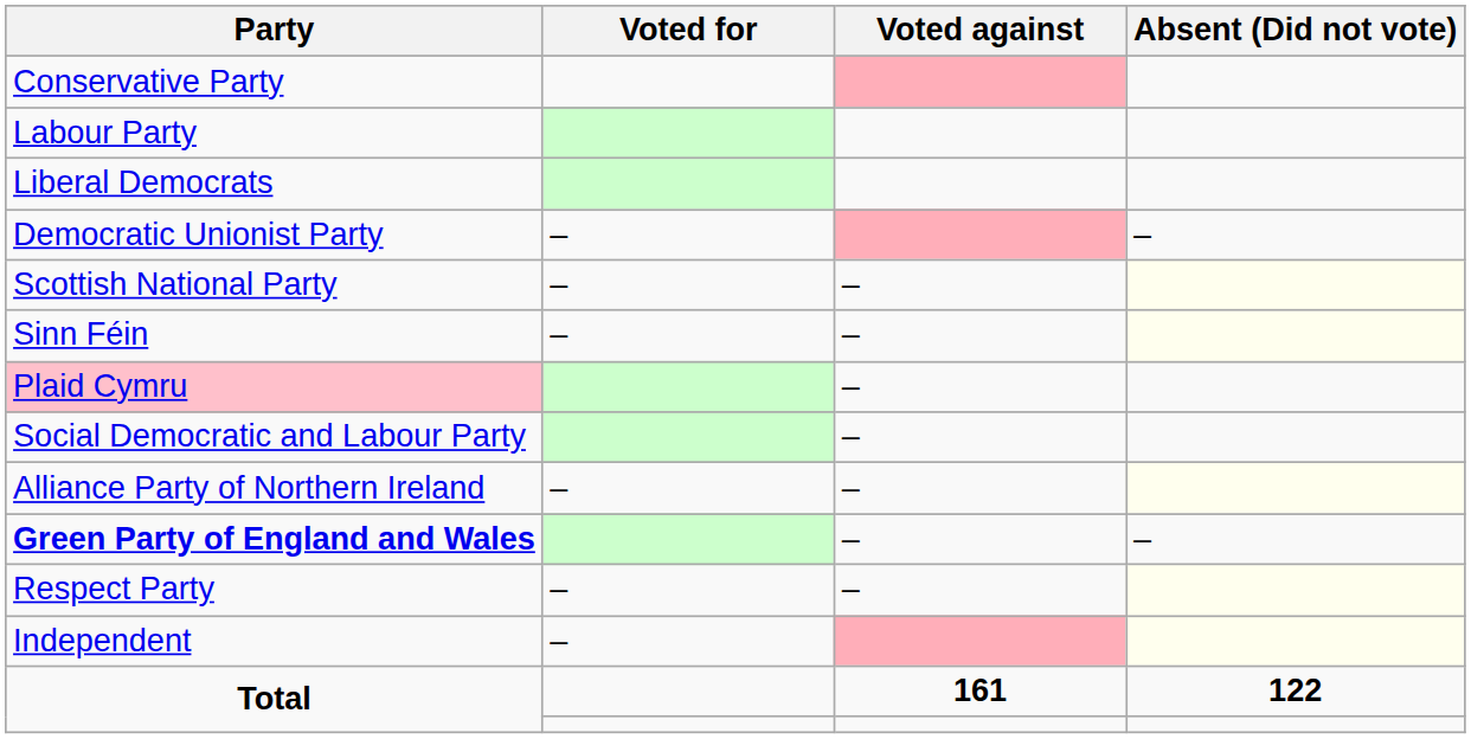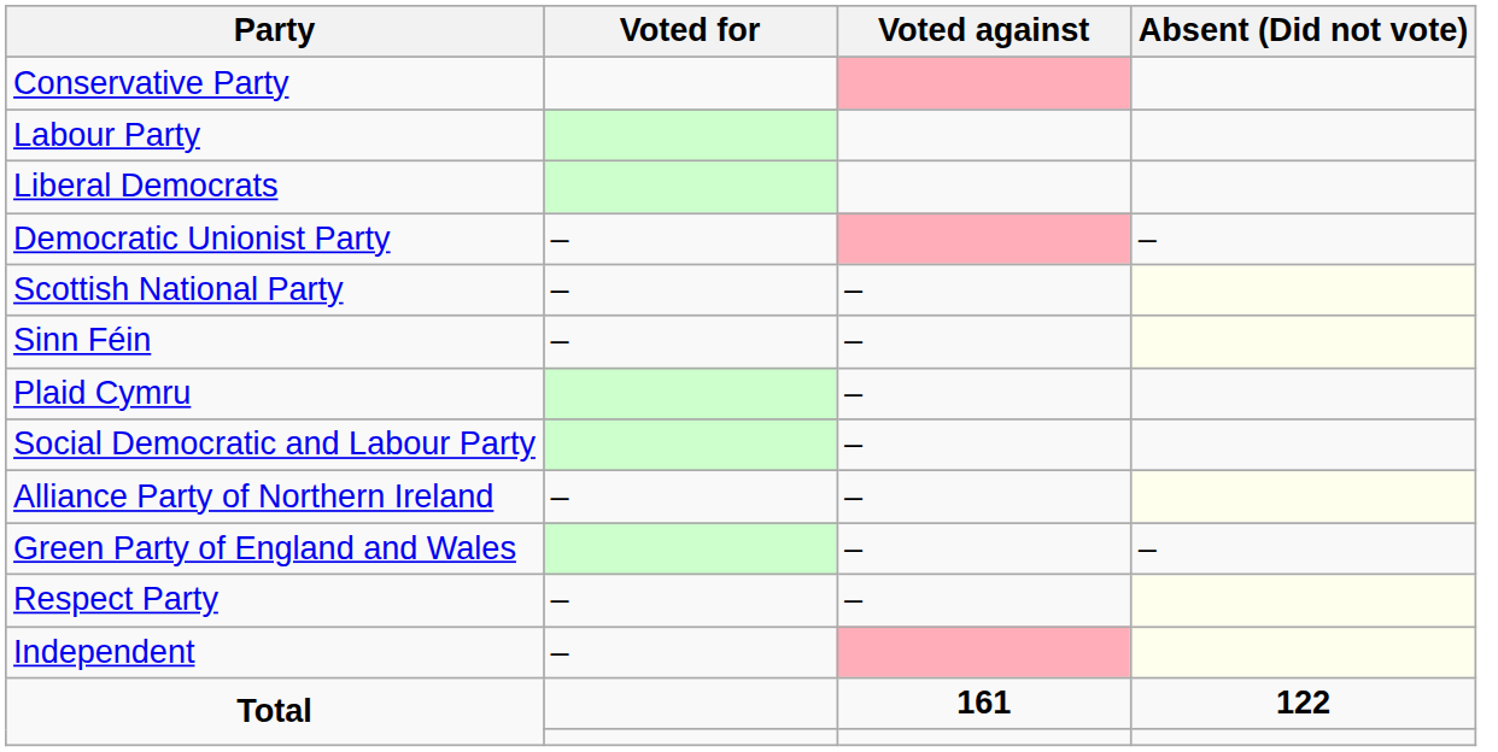 <table class="wikitable">
 <tr>
 <th>Party</th>
 <th style="width:20%;">Voted for</th>
 <th style="width:20%;">Voted against</th>
 <th>Absent (Did not vote)</th>
 </tr>
 <tr>
 <td> <a href='#'>Conservative Party</a></td>
 <td></td>
 <td style="background-color:#FFAEB9;"></td>
 <td></td>
 </tr>
 <tr>
 <td> <a href='#'>Labour Party</a></td>
 <td style="background-color:#CCFFCC;"></td>
 <td></td>
 <td></td>
 </tr>
 <tr>
 <td> <a href='#'>Liberal Democrats</a></td>
 <td style="background-color:#CCFFCC;"></td>
 <td></td>
 <td></td>
 </tr>
 <tr>
 <td> <a href='#'>Democratic Unionist Party</a></td>
 <td>–</td>
 <td style="background-color:#FFAEB9;"></td>
 <td>–</td>
 </tr>
 <tr>
 <td> <a href='#'>Scottish National Party</a></td>
 <td>–</td>
 <td>–</td>
 <td style="background-color:#FFE;"></td>
 </tr>
 <tr>
 <td> <a href='#'>Sinn Féin</a></td>
 <td>–</td>
 <td>–</td>
 <td style="background-color:#FFE;"></td>
 </tr>
 <tr>
-<td style="background: pink;"> <a href='#'>Plaid Cymru</a></td>
+<td> <a href='#'>Plaid Cymru</a></td>
 <td style="background-color:#CCFFCC;"></td>
 <td>–</td>
 <td></td>
 </tr>
 <tr>
 <td> <a href='#'>Social Democratic and Labour Party</a></td>
 <td style="background-color:#CCFFCC;"></td>
 <td>–</td>
 <td></td>
 </tr>
 <tr>
 <td> <a href='#'>Alliance Party of Northern Ireland</a></td>
 <td>–</td>
 <td>–</td>
 <td style="background-color:#FFE;"></td>
 </tr>
 <tr>
-<td><strong> <a href='#'>Green Party of England and Wales</a></strong></td>
+<td> <a href='#'>Green Party of England and Wales</a></td>
 <td style="background-color:#CCFFCC;"></td>
 <td>–</td>
 <td>–</td>
 </tr>
 <tr>
 <td> <a href='#'>Respect Party</a></td>
 <td>–</td>
 <td>–</td>
 <td style="background-color:#FFE;"></td>
 </tr>
 <tr>
 <td> <a href='#'>Independent</a></td>
 <td>–</td>
 <td style="background-color:#FFAEB9;"></td>
 <td style="background-color:#FFE;"></td>
 </tr>
 <tr>
 <td style="text-align:center;" rowspan="2"><strong>Total</strong></td>
 <td></td>
 <td style="text-align:center;"><strong>161</strong></td>
 <td style="text-align:center;"><strong>122</strong></td>
 </tr>
 <tr>
 <td style="text-align:center;"></td>
 <td style="text-align:center;"></td>
 <td style="text-align:center;"></td>
 </tr>
 </table>
